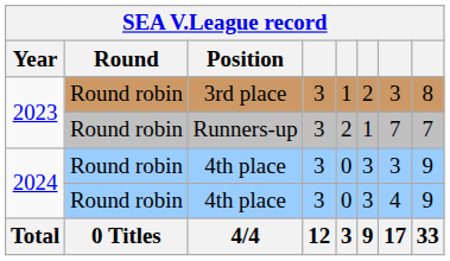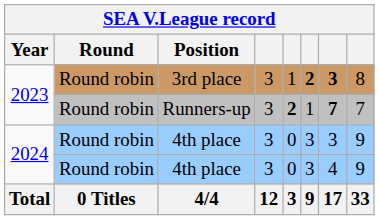 <table class="wikitable" style="text-align: center;">
 <tr>
 <th colspan=8><a href='#'>SEA V.League record</a></th>
 </tr>
 <tr>
 <th>Year</th>
 <th>Round</th>
 <th>Position</th>
 <th></th>
 <th></th>
 <th></th>
 <th></th>
 <th></th>
 </tr>
 <tr>
 <td rowspan=2>  <a href='#'>2023</a></td>
 <td bgcolor=#cc9966>Round robin</td>
 <td bgcolor=#cc9966>3rd place</td>
 <td bgcolor=#cc9966>3</td>
 <td bgcolor=#cc9966>1</td>
-<td bgcolor=#cc9966>2</td>
-<td bgcolor=#cc9966>3</td>
+<td bgcolor=#cc9966><strong>2</strong></td>
+<td bgcolor=#cc9966><strong>3</strong></td>
 <td bgcolor=#cc9966>8</td>
 </tr>
 <tr>
 <td bgcolor=silver>Round robin</td>
 <td bgcolor=silver>Runners-up</td>
 <td bgcolor=silver>3</td>
-<td bgcolor=silver>2</td>
+<td bgcolor=silver><strong>2</strong></td>
 <td bgcolor=silver>1</td>
-<td bgcolor=silver>7</td>
+<td bgcolor=silver><strong>7</strong></td>
 <td bgcolor=silver>7</td>
 </tr>
 <tr>
 <td rowspan=2>  <a href='#'>2024</a></td>
 <td bgcolor=#9acdff>Round robin</td>
 <td bgcolor=#9acdff>4th place</td>
 <td bgcolor=#9acdff>3</td>
 <td bgcolor=#9acdff>0</td>
 <td bgcolor=#9acdff>3</td>
 <td bgcolor=#9acdff>3</td>
 <td bgcolor=#9acdff>9</td>
 </tr>
 <tr>
 <td bgcolor=#9acdff>Round robin</td>
 <td bgcolor=#9acdff>4th place</td>
 <td bgcolor=#9acdff>3</td>
 <td bgcolor=#9acdff>0</td>
 <td bgcolor=#9acdff>3</td>
 <td bgcolor=#9acdff>4</td>
 <td bgcolor=#9acdff>9</td>
 </tr>
 <tr>
 <th>Total</th>
 <th>0 Titles</th>
 <th>4/4</th>
 <th>12</th>
 <th>3</th>
 <th>9</th>
 <th>17</th>
 <th>33</th>
 </tr>
 </table>
